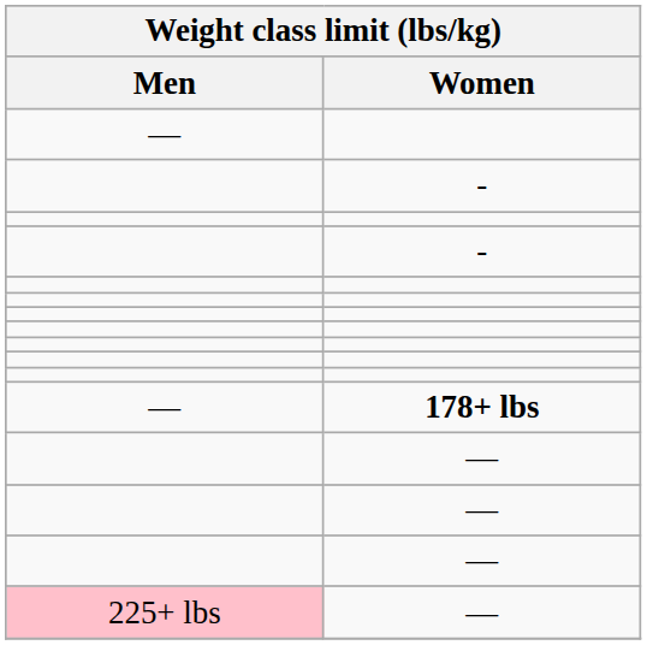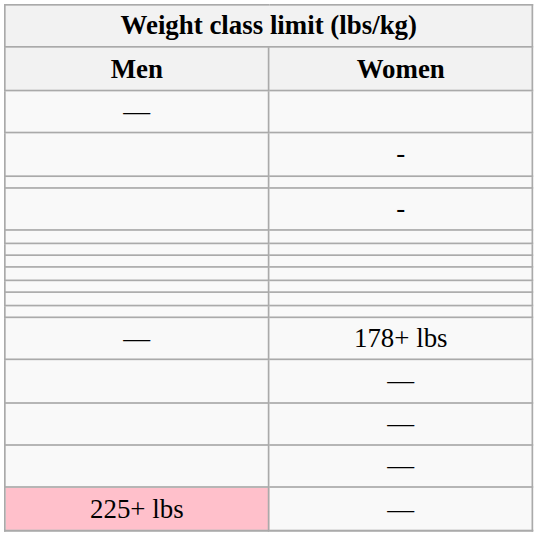 <table class="wikitable" style="text-align: center;">
 <tr>
 <th ! colspan="2">Weight class limit (lbs/kg)</th>
 </tr>
 <tr>
 <th style="width:30%">Men</th>
 <th style="width:30%">Women</th>
 </tr>
 <tr>
 <td>—</td>
 <td></td>
 </tr>
 <tr>
 <td></td>
 <td>-</td>
 </tr>
 <tr>
 <td></td>
 <td></td>
 </tr>
 <tr>
 <td></td>
 <td>-</td>
 </tr>
 <tr>
 <td></td>
 <td></td>
 </tr>
 <tr>
 <td></td>
 <td></td>
 </tr>
 <tr>
 <td></td>
 <td></td>
 </tr>
 <tr>
 <td></td>
 <td></td>
 </tr>
 <tr>
 <td></td>
 <td></td>
 </tr>
 <tr>
 <td></td>
 <td></td>
 </tr>
 <tr>
 <td></td>
 <td></td>
 </tr>
 <tr>
 <td>—</td>
-<td><strong>178+ lbs</strong></td>
+<td>178+ lbs</td>
 </tr>
 <tr>
 <td></td>
 <td>—</td>
 </tr>
 <tr>
 <td></td>
 <td>—</td>
 </tr>
 <tr>
 <td></td>
 <td>—</td>
 </tr>
 <tr>
 <td style="background: pink;">225+ lbs</td>
 <td>—</td>
 </tr>
 <tr>
 </tr>
 </table>
